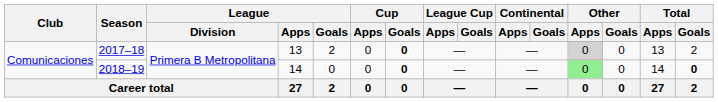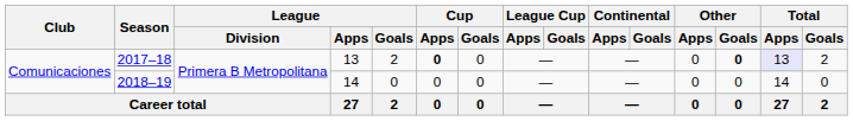 <table class="wikitable" style="text-align:center">
 <tr>
 <th rowspan="2">Club</th>
 <th rowspan="2">Season</th>
 <th colspan="3">League</th>
 <th colspan="2">Cup</th>
 <th colspan="2">League Cup</th>
 <th colspan="2">Continental</th>
 <th colspan="2">Other</th>
 <th colspan="2">Total</th>
 </tr>
 <tr>
 <th>Division</th>
 <th>Apps</th>
 <th>Goals</th>
 <th>Apps</th>
 <th>Goals</th>
 <th>Apps</th>
 <th>Goals</th>
 <th>Apps</th>
 <th>Goals</th>
 <th>Apps</th>
 <th>Goals</th>
 <th>Apps</th>
 <th>Goals</th>
 </tr>
 <tr>
 <td rowspan="2"><a href='#'>Comunicaciones</a></td>
 <td><a href='#'>2017–18</a></td>
 <td rowspan="2"><a href='#'>Primera B Metropolitana</a></td>
 <td>13</td>
 <td>2</td>
+<td><strong>0</strong></td>
+<td>0</td>
+<td colspan="2">—</td>
+<td colspan="2">—</td>
 <td>0</td>
 <td><strong>0</strong></td>
-<td colspan="2">—</td>
-<td colspan="2">—</td>
-<td style="background: lightgrey;">0</td>
-<td>0</td>
-<td>13</td>
+<td style="background: lavender;">13</td>
 <td>2</td>
 </tr>
 <tr>
 <td><a href='#'>2018–19</a></td>
 <td>14</td>
 <td>0</td>
 <td>0</td>
-<td><strong>0</strong></td>
+<td>0</td>
 <td colspan="2">—</td>
 <td colspan="2">—</td>
-<td style="background: lightgreen;">0</td>
+<td>0</td>
 <td>0</td>
 <td>14</td>
-<td><strong>0</strong></td>
+<td>0</td>
 </tr>
 <tr>
 <th colspan="3">Career total</th>
 <th>27</th>
 <th>2</th>
 <th>0</th>
 <th>0</th>
 <th colspan="2">—</th>
 <th colspan="2">—</th>
 <th>0</th>
 <th>0</th>
 <th>27</th>
 <th>2</th>
 </tr>
 </table>
